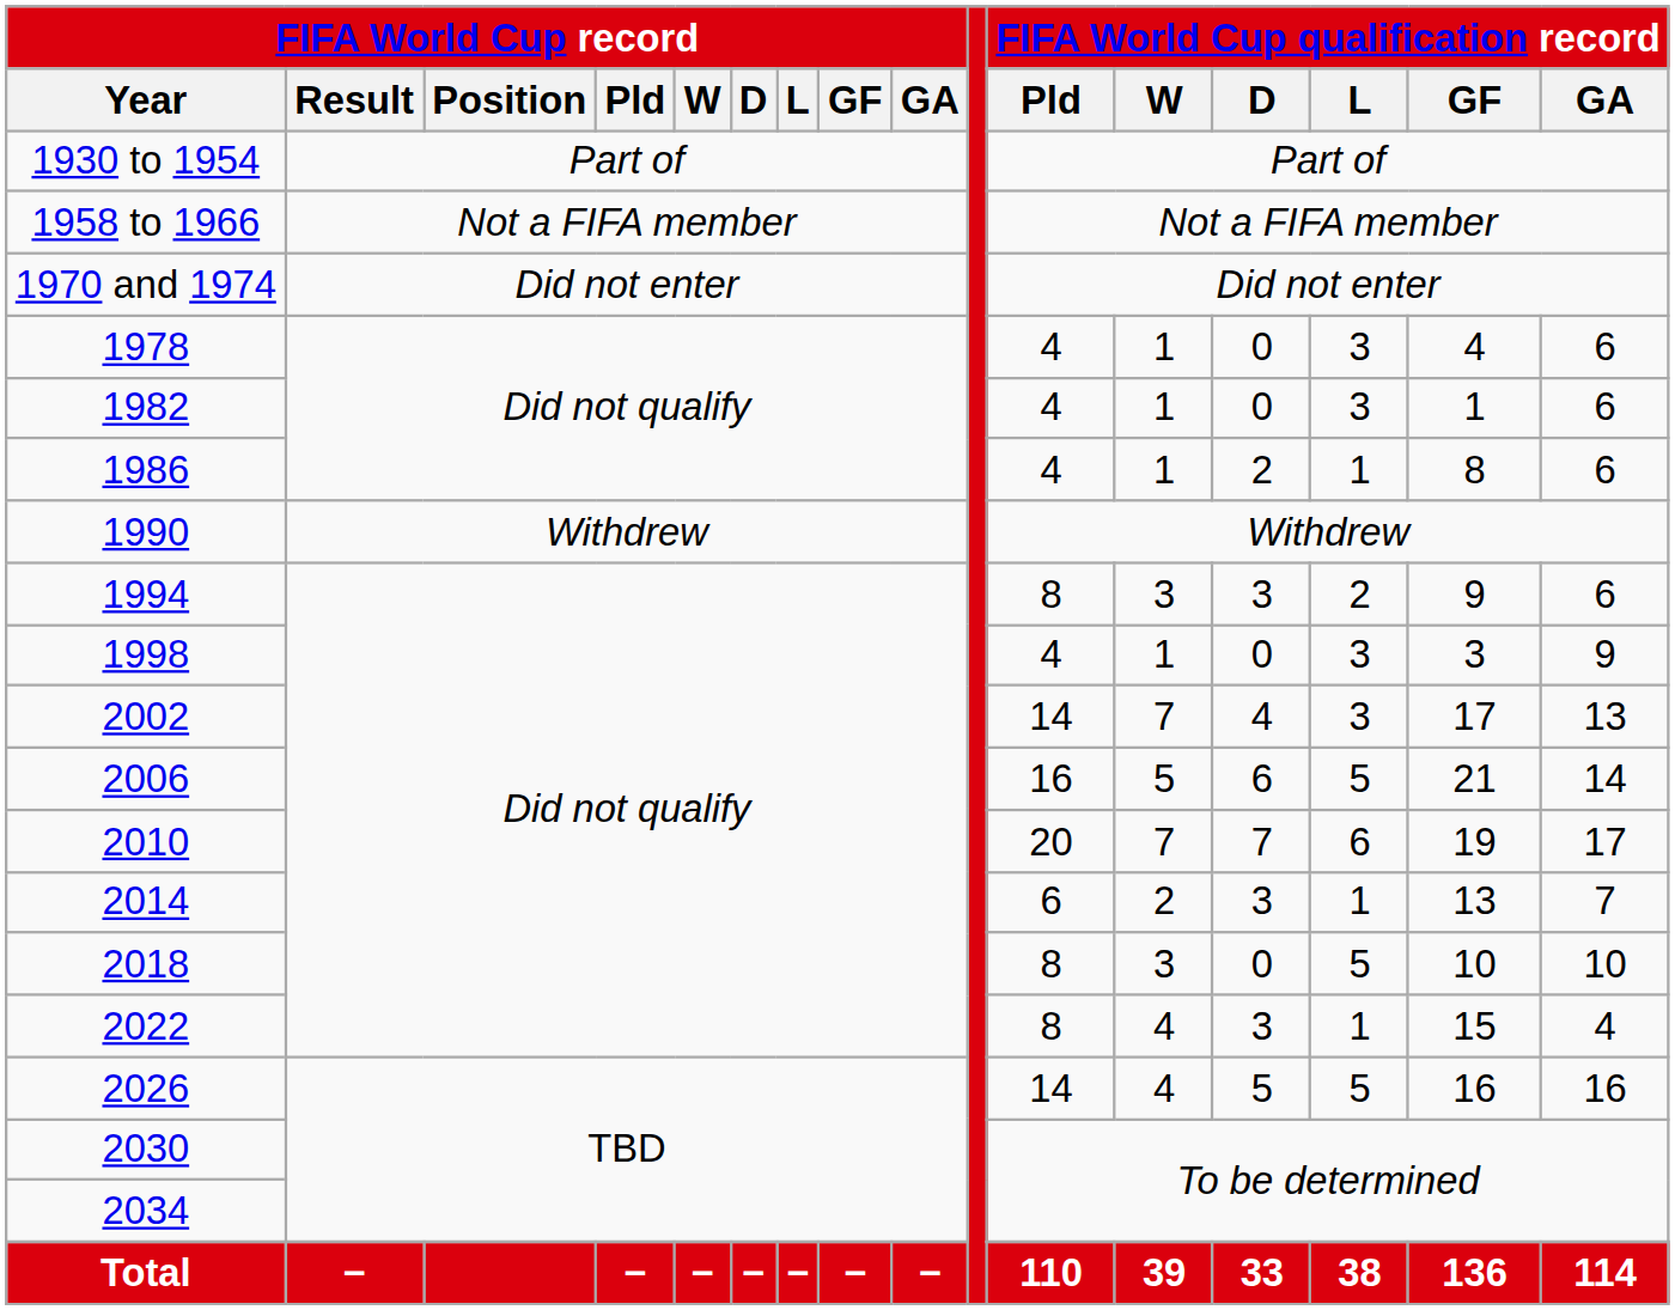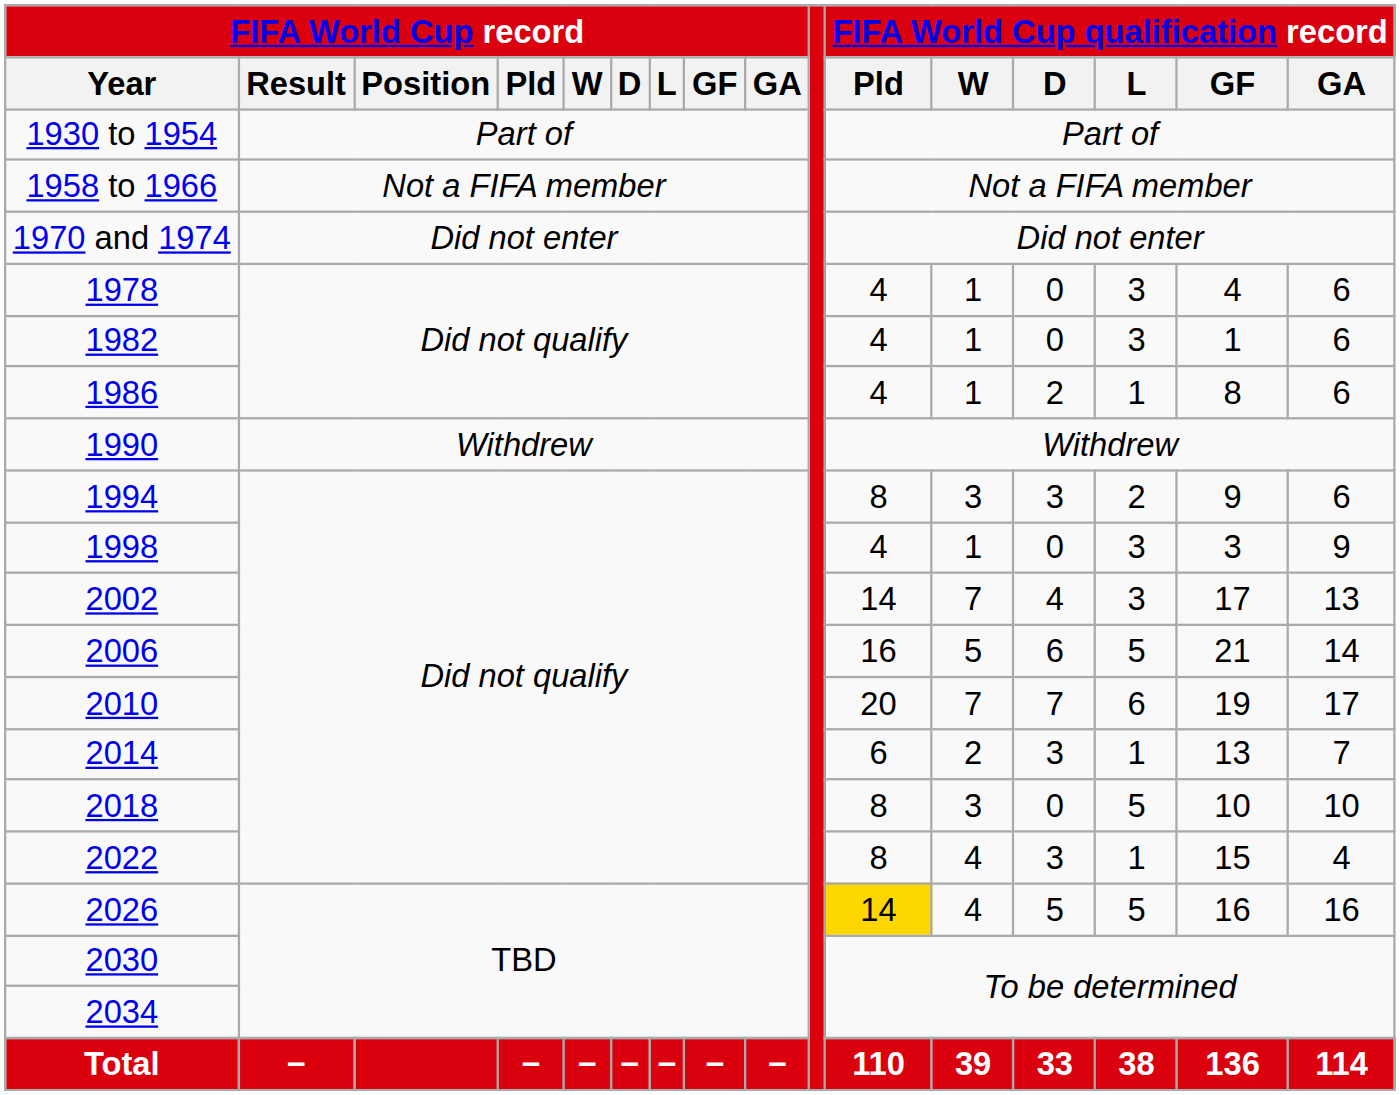 <table class="wikitable" style="font-size:90%; text-align:center;">
 <tr style="color:white;">
 <th style="background:#db000d;" colspan=9><a href='#'>FIFA World Cup</a> record</th>
 <th style="background:#db000d;" rowspan=39></th>
 <th style="background:#db000d;" colspan=7><a href='#'>FIFA World Cup qualification</a> record</th>
 </tr>
 <tr>
 <th>Year</th>
 <th>Result</th>
 <th>Position</th>
 <th>Pld</th>
 <th>W</th>
 <th>D</th>
 <th>L</th>
 <th>GF</th>
 <th>GA</th>
 <th>Pld</th>
 <th>W</th>
 <th>D</th>
 <th>L</th>
 <th>GF</th>
 <th>GA</th>
 </tr>
 <tr>
 <td><a href='#'>1930</a> to <a href='#'>1954</a></td>
 <td colspan=8><em>Part of </em></td>
 <td colspan=6><em>Part of </em></td>
 </tr>
 <tr>
 <td><a href='#'>1958</a> to <a href='#'>1966</a></td>
 <td colspan=8><em>Not a FIFA member</em></td>
 <td colspan=6><em>Not a FIFA member</em></td>
 </tr>
 <tr>
 <td><a href='#'>1970</a> and <a href='#'>1974</a></td>
 <td colspan=8><em>Did not enter</em></td>
 <td colspan=6><em>Did not enter</em></td>
 </tr>
 <tr>
 <td> <a href='#'>1978</a></td>
 <td colspan=8 rowspan=3><em>Did not qualify</em></td>
 <td>4</td>
 <td>1</td>
 <td>0</td>
 <td>3</td>
 <td>4</td>
 <td>6</td>
 </tr>
 <tr>
 <td> <a href='#'>1982</a></td>
 <td>4</td>
 <td>1</td>
 <td>0</td>
 <td>3</td>
 <td>1</td>
 <td>6</td>
 </tr>
 <tr>
 <td> <a href='#'>1986</a></td>
 <td>4</td>
 <td>1</td>
 <td>2</td>
 <td>1</td>
 <td>8</td>
 <td>6</td>
 </tr>
 <tr>
 <td> <a href='#'>1990</a></td>
 <td colspan=8><em>Withdrew</em></td>
 <td colspan=6><em>Withdrew</em></td>
 </tr>
 <tr>
 <td> <a href='#'>1994</a></td>
 <td colspan=8 rowspan=8><em>Did not qualify</em></td>
 <td>8</td>
 <td>3</td>
 <td>3</td>
 <td>2</td>
 <td>9</td>
 <td>6</td>
 </tr>
 <tr>
 <td> <a href='#'>1998</a></td>
 <td>4</td>
 <td>1</td>
 <td>0</td>
 <td>3</td>
 <td>3</td>
 <td>9</td>
 </tr>
 <tr>
 <td>  <a href='#'>2002</a></td>
 <td>14</td>
 <td>7</td>
 <td>4</td>
 <td>3</td>
 <td>17</td>
 <td>13</td>
 </tr>
 <tr>
 <td> <a href='#'>2006</a></td>
 <td>16</td>
 <td>5</td>
 <td>6</td>
 <td>5</td>
 <td>21</td>
 <td>14</td>
 </tr>
 <tr>
 <td> <a href='#'>2010</a></td>
 <td>20</td>
 <td>7</td>
 <td>7</td>
 <td>6</td>
 <td>19</td>
 <td>17</td>
 </tr>
 <tr>
 <td> <a href='#'>2014</a></td>
 <td>6</td>
 <td>2</td>
 <td>3</td>
 <td>1</td>
 <td>13</td>
 <td>7</td>
 </tr>
 <tr>
 <td> <a href='#'>2018</a></td>
 <td>8</td>
 <td>3</td>
 <td>0</td>
 <td>5</td>
 <td>10</td>
 <td>10</td>
 </tr>
 <tr>
 <td> <a href='#'>2022</a></td>
 <td>8</td>
 <td>4</td>
 <td>3</td>
 <td>1</td>
 <td>15</td>
 <td>4</td>
 </tr>
 <tr>
 <td>   <a href='#'>2026</a></td>
 <td colspan=8 rowspan=3>TBD</td>
-<td>14</td>
+<td style="background: gold;">14</td>
 <td>4</td>
 <td>5</td>
 <td>5</td>
 <td>16</td>
 <td>16</td>
 </tr>
 <tr>
 <td>   <a href='#'>2030</a></td>
 <td colspan=6 rowspan=2><em>To be determined</em></td>
 </tr>
 <tr>
 <td> <a href='#'>2034</a></td>
 </tr>
 <tr>
 </tr>
 <tr style="color:white;">
 <th style="background:#db000d;">Total</th>
 <th style="background:#db000d;">−</th>
 <th style="background:#db000d;"></th>
 <th style="background:#db000d;">−</th>
 <th style="background:#db000d;">−</th>
 <th style="background:#db000d;">−</th>
 <th style="background:#db000d;">−</th>
 <th style="background:#db000d;">−</th>
 <th style="background:#db000d;">−</th>
 <th style="background:#db000d;">110</th>
 <th style="background:#db000d;">39</th>
 <th style="background:#db000d;">33</th>
 <th style="background:#db000d;">38</th>
 <th style="background:#db000d;">136</th>
 <th style="background:#db000d;">114</th>
 </tr>
 </table>
